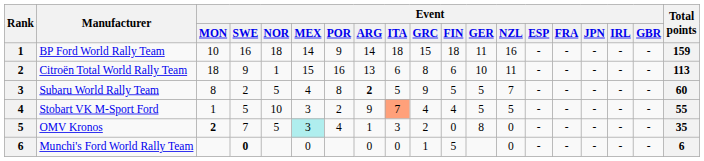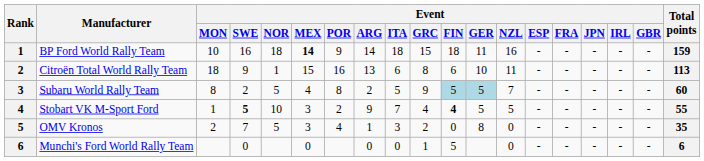 <table class="wikitable" style="text-align:center; font-size:90%;">
 <tr>
 <th rowspan=2>Rank</th>
 <th rowspan=2 style="width:16em">Manufacturer</th>
 <th colspan=16>Event</th>
 <th rowspan=2>Total<br>points</th>
 </tr>
 <tr valign="top">
 <th><a href='#'>MON</a><br></th>
 <th><a href='#'>SWE</a><br></th>
 <th><a href='#'>NOR</a><br></th>
 <th><a href='#'>MEX</a><br></th>
 <th><a href='#'>POR</a><br></th>
 <th><a href='#'>ARG</a><br></th>
 <th><a href='#'>ITA</a><br></th>
 <th><a href='#'>GRC</a><br></th>
 <th><a href='#'>FIN</a><br></th>
 <th><a href='#'>GER</a><br></th>
 <th><a href='#'>NZL</a><br></th>
 <th><a href='#'>ESP</a><br></th>
 <th><a href='#'>FRA</a><br></th>
 <th><a href='#'>JPN</a><br></th>
 <th><a href='#'>IRL</a><br></th>
 <th><a href='#'>GBR</a><br></th>
 </tr>
 <tr>
 <th>1</th>
 <td align=left><a href='#'>BP Ford World Rally Team</a></td>
 <td>10</td>
 <td>16</td>
 <td>18</td>
-<td>14</td>
+<td><strong>14</strong></td>
 <td>9</td>
 <td>14</td>
 <td>18</td>
 <td>15</td>
 <td>18</td>
 <td>11</td>
 <td>16</td>
 <td>-</td>
 <td>-</td>
 <td>-</td>
 <td>-</td>
 <td>-</td>
 <th>159</th>
 </tr>
 <tr>
 <th>2</th>
 <td align=left><a href='#'>Citroën Total World Rally Team</a></td>
 <td>18</td>
 <td>9</td>
 <td>1</td>
 <td>15</td>
 <td>16</td>
 <td>13</td>
 <td>6</td>
 <td>8</td>
 <td>6</td>
 <td>10</td>
 <td>11</td>
 <td>-</td>
 <td>-</td>
 <td>-</td>
 <td>-</td>
 <td>-</td>
 <th>113</th>
 </tr>
 <tr>
 <th>3</th>
 <td align=left><a href='#'>Subaru World Rally Team</a></td>
 <td>8</td>
 <td>2</td>
 <td>5</td>
 <td>4</td>
 <td>8</td>
-<td><strong>2</strong></td>
+<td>2</td>
 <td>5</td>
 <td>9</td>
-<td>5</td>
-<td>5</td>
+<td style="background: lightblue;">5</td>
+<td style="background: lightblue;">5</td>
 <td>7</td>
 <td>-</td>
 <td>-</td>
 <td>-</td>
 <td>-</td>
 <td>-</td>
 <th>60</th>
 </tr>
 <tr>
 <th>4</th>
 <td align=left><a href='#'>Stobart VK M-Sport Ford</a></td>
 <td>1</td>
-<td>5</td>
+<td><strong>5</strong></td>
 <td>10</td>
 <td>3</td>
 <td>2</td>
 <td>9</td>
-<td style="background: lightsalmon;">7</td>
+<td>7</td>
 <td>4</td>
-<td>4</td>
+<td><strong>4</strong></td>
 <td>5</td>
 <td>5</td>
 <td>-</td>
 <td>-</td>
 <td>-</td>
 <td>-</td>
 <td>-</td>
 <th>55</th>
 </tr>
 <tr>
 <th>5</th>
 <td align=left><a href='#'>OMV Kronos</a></td>
-<td><strong>2</strong></td>
+<td>2</td>
 <td>7</td>
 <td>5</td>
-<td style="background: paleturquoise;">3</td>
+<td>3</td>
 <td>4</td>
 <td>1</td>
 <td>3</td>
 <td>2</td>
 <td>0</td>
 <td>8</td>
 <td>0</td>
 <td>-</td>
 <td>-</td>
 <td>-</td>
 <td>-</td>
 <td>-</td>
 <th>35</th>
 </tr>
 <tr>
 <th>6</th>
 <td align="left"><a href='#'>Munchi's Ford World Rally Team</a></td>
 <td></td>
-<td><strong>0</strong></td>
+<td>0</td>
 <td></td>
 <td>0</td>
 <td></td>
 <td>0</td>
 <td>0</td>
 <td>1</td>
 <td>5</td>
 <td></td>
 <td>0</td>
 <td>-</td>
 <td>-</td>
 <td>-</td>
 <td>-</td>
 <td>-</td>
 <th>6</th>
 </tr>
 </table>
